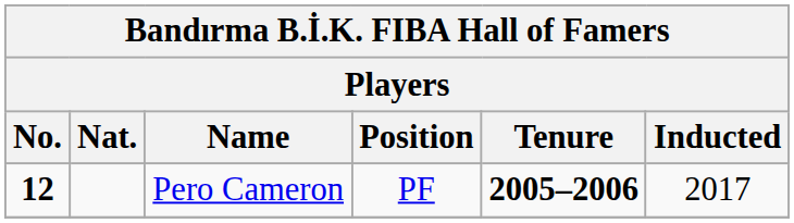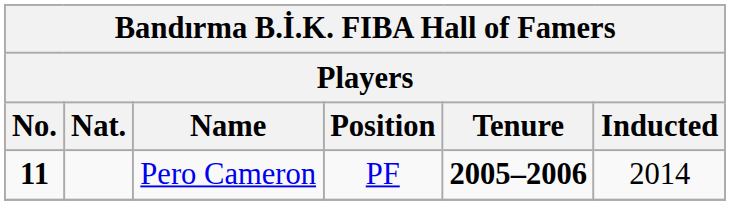 <table class="wikitable sortable" style="text-align:center">
 <tr>
 <th colspan="6">Bandırma B.İ.K. FIBA Hall of Famers</th>
 </tr>
 <tr>
 <th colspan="6">Players</th>
 </tr>
 <tr>
 <th>No.</th>
 <th>Nat.</th>
 <th>Name</th>
 <th>Position</th>
 <th>Tenure</th>
 <th>Inducted</th>
 </tr>
 <tr>
-<td><strong>12</strong></td>
+<td><strong>11</strong></td>
 <td></td>
 <td><a href='#'>Pero Cameron</a></td>
 <td><a href='#'>PF</a></td>
 <td><strong>2005–2006</strong></td>
-<td>2017</td>
+<td>2014</td>
 </tr>
 <tr>
 </tr>
 </table>
